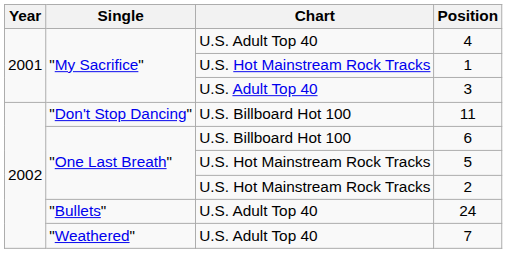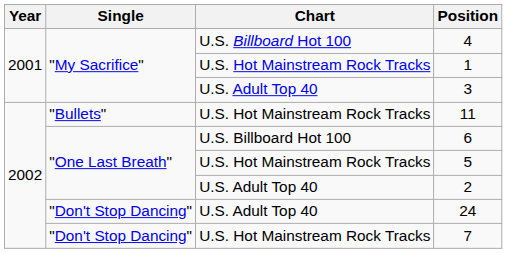 <table class="wikitable sortable plainrowheaders">
 <tr>
 <th>Year</th>
 <th>Single</th>
 <th>Chart</th>
 <th>Position</th>
 </tr>
 <tr>
 <td rowspan="3">2001</td>
 <td rowspan="3">"<a href='#'>My Sacrifice</a>"</td>
-<td>U.S. Adult Top 40</td>
+<td>U.S. <a href='#'><em>Billboard</em> Hot 100</a></td>
 <td align="center">4</td>
 </tr>
 <tr>
 <td>U.S. <a href='#'>Hot Mainstream Rock Tracks</a></td>
 <td align="center">1</td>
 </tr>
 <tr>
 <td>U.S. <a href='#'>Adult Top 40</a></td>
 <td align="center">3</td>
 </tr>
 <tr>
 <td rowspan="6">2002</td>
-<td>"<a href='#'>Don't Stop Dancing</a>"</td>
-<td>U.S. Billboard Hot 100</td>
+<td>"<a href='#'>Bullets</a>"</td>
+<td>U.S. Hot Mainstream Rock Tracks</td>
 <td align="center">11</td>
 </tr>
 <tr>
 <td rowspan="3">"<a href='#'>One Last Breath</a>"</td>
 <td>U.S. Billboard Hot 100</td>
 <td align="center">6</td>
 </tr>
 <tr>
 <td>U.S. Hot Mainstream Rock Tracks</td>
 <td align="center">5</td>
 </tr>
 <tr>
-<td>U.S. Hot Mainstream Rock Tracks</td>
+<td>U.S. Adult Top 40</td>
 <td align="center">2</td>
 </tr>
 <tr>
-<td>"<a href='#'>Bullets</a>"</td>
+<td>"<a href='#'>Don't Stop Dancing</a>"</td>
 <td>U.S. Adult Top 40</td>
 <td align="center">24</td>
 </tr>
 <tr>
-<td>"<a href='#'>Weathered</a>"</td>
-<td>U.S. Adult Top 40</td>
+<td>"<a href='#'>Don't Stop Dancing</a>"</td>
+<td>U.S. Hot Mainstream Rock Tracks</td>
 <td align="center">7</td>
 </tr>
 </table>
